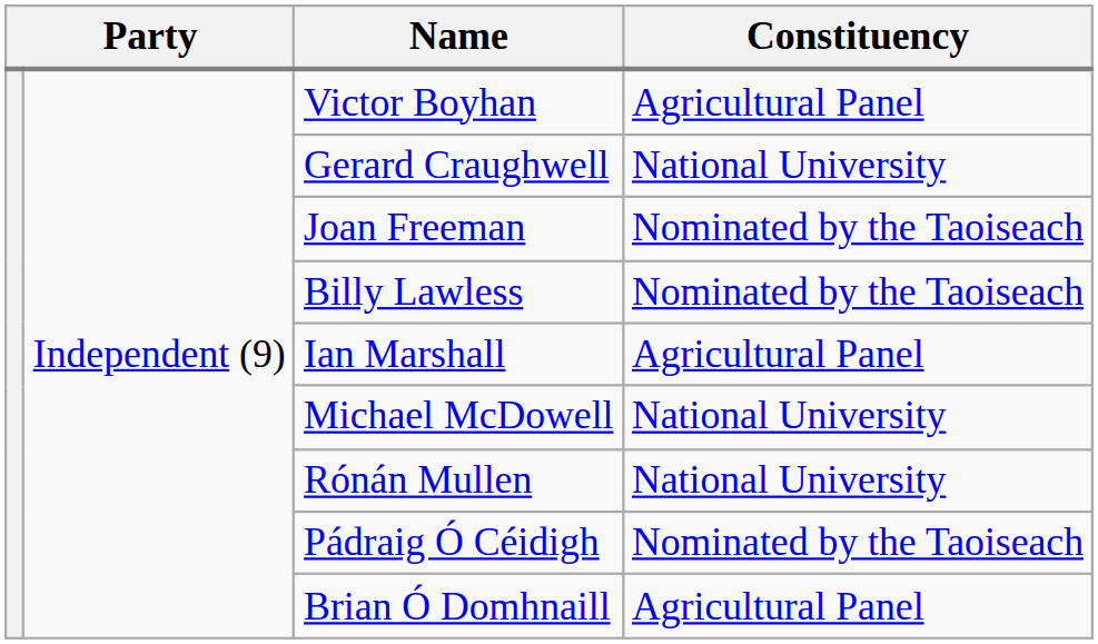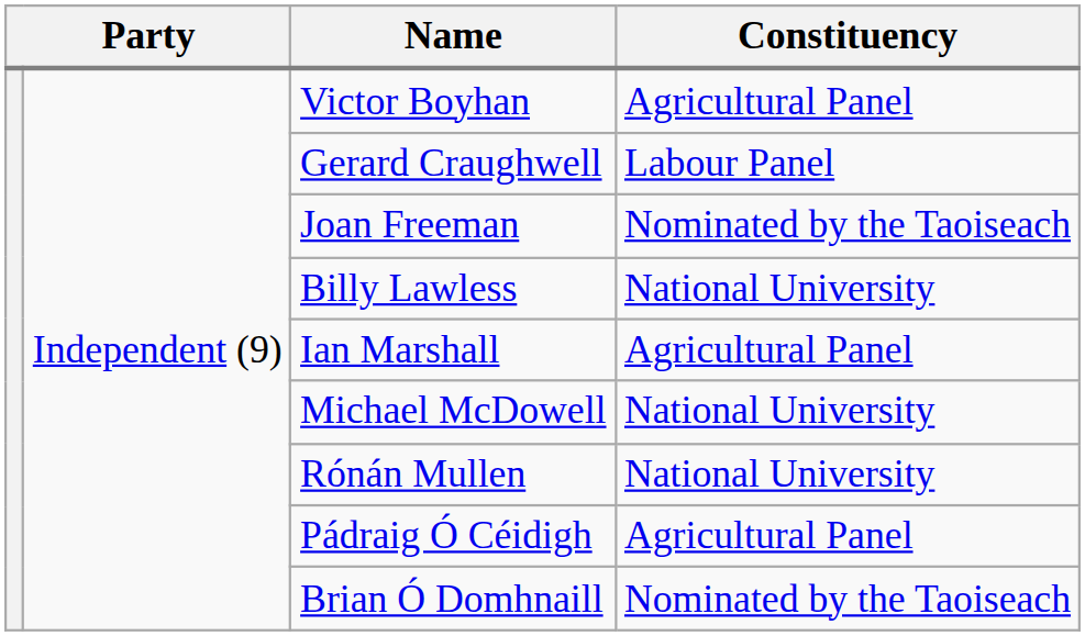 <table class="wikitable">
 <tr style="border-bottom: 2px solid gray;">
 <th colspan=2>Party</th>
 <th>Name</th>
 <th>Constituency</th>
 </tr>
 <tr>
 <th rowspan=9 style="background-color:"></th>
 <td rowspan=9><a href='#'>Independent</a> (9)</td>
 <td><a href='#'>Victor Boyhan</a></td>
 <td><a href='#'>Agricultural Panel</a></td>
 </tr>
 <tr>
 <td><a href='#'>Gerard Craughwell</a></td>
-<td><a href='#'>National University</a></td>
+<td><a href='#'>Labour Panel</a></td>
 </tr>
 <tr>
 <td><a href='#'>Joan Freeman</a></td>
 <td><a href='#'>Nominated by the Taoiseach</a></td>
 </tr>
 <tr>
 <td><a href='#'>Billy Lawless</a></td>
-<td><a href='#'>Nominated by the Taoiseach</a></td>
+<td><a href='#'>National University</a></td>
 </tr>
 <tr>
 <td><a href='#'>Ian Marshall</a></td>
 <td><a href='#'>Agricultural Panel</a></td>
 </tr>
 <tr>
 <td><a href='#'>Michael McDowell</a></td>
 <td><a href='#'>National University</a></td>
 </tr>
 <tr>
 <td><a href='#'>Rónán Mullen</a></td>
 <td><a href='#'>National University</a></td>
 </tr>
 <tr>
 <td><a href='#'>Pádraig Ó Céidigh</a></td>
-<td><a href='#'>Nominated by the Taoiseach</a></td>
+<td><a href='#'>Agricultural Panel</a></td>
 </tr>
 <tr>
 <td><a href='#'>Brian Ó Domhnaill</a></td>
-<td><a href='#'>Agricultural Panel</a></td>
+<td><a href='#'>Nominated by the Taoiseach</a></td>
 </tr>
 </table>
